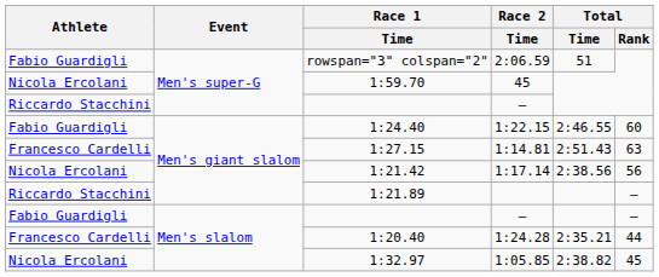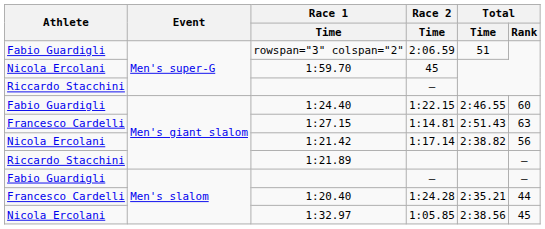 <table class="wikitable" style="font-size:90%">
 <tr>
 <th rowspan="2">Athlete</th>
 <th rowspan="2">Event</th>
 <th>Race 1</th>
 <th>Race 2</th>
 <th colspan="2">Total</th>
 </tr>
 <tr>
 <th>Time</th>
 <th>Time</th>
 <th>Time</th>
 <th>Rank</th>
 </tr>
 <tr>
 <td><a href='#'>Fabio Guardigli</a></td>
 <td rowspan="3"><a href='#'>Men's super-G</a></td>
 <td>rowspan="3" colspan="2" </td>
 <td align="center">2:06.59</td>
 <td align="center">51</td>
 </tr>
 <tr>
 <td><a href='#'>Nicola Ercolani</a></td>
 <td align="center">1:59.70</td>
 <td align="center">45</td>
 </tr>
 <tr>
 <td><a href='#'>Riccardo Stacchini</a></td>
 <td align="center"></td>
 <td align="center">–</td>
 </tr>
 <tr>
 <td><a href='#'>Fabio Guardigli</a></td>
 <td rowspan="4"><a href='#'>Men's giant slalom</a></td>
 <td align="center">1:24.40</td>
 <td align="center">1:22.15</td>
 <td align="center">2:46.55</td>
 <td align="center">60</td>
 </tr>
 <tr>
 <td><a href='#'>Francesco Cardelli</a></td>
 <td align="center">1:27.15</td>
 <td align="center">1:14.81</td>
 <td align="center">2:51.43</td>
 <td align="center">63</td>
 </tr>
 <tr>
 <td><a href='#'>Nicola Ercolani</a></td>
 <td align="center">1:21.42</td>
 <td align="center">1:17.14</td>
-<td align="center">2:38.56</td>
+<td align="center">2:38.82</td>
 <td align="center">56</td>
 </tr>
 <tr>
 <td><a href='#'>Riccardo Stacchini</a></td>
 <td align="center">1:21.89</td>
 <td align="center"></td>
 <td align="center"></td>
 <td align="center">–</td>
 </tr>
 <tr>
 <td><a href='#'>Fabio Guardigli</a></td>
 <td rowspan="3"><a href='#'>Men's slalom</a></td>
 <td align="center"></td>
 <td align="center">–</td>
 <td align="center"></td>
 <td align="center">–</td>
 </tr>
 <tr>
 <td><a href='#'>Francesco Cardelli</a></td>
 <td align="center">1:20.40</td>
 <td align="center">1:24.28</td>
 <td align="center">2:35.21</td>
 <td align="center">44</td>
 </tr>
 <tr>
 <td><a href='#'>Nicola Ercolani</a></td>
 <td align="center">1:32.97</td>
 <td align="center">1:05.85</td>
-<td align="center">2:38.82</td>
+<td align="center">2:38.56</td>
 <td align="center">45</td>
 </tr>
 </table>
